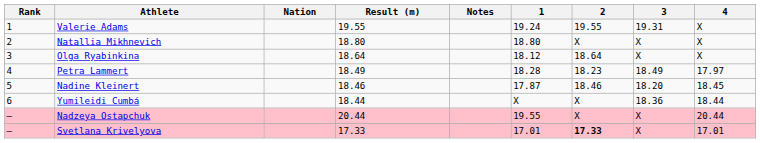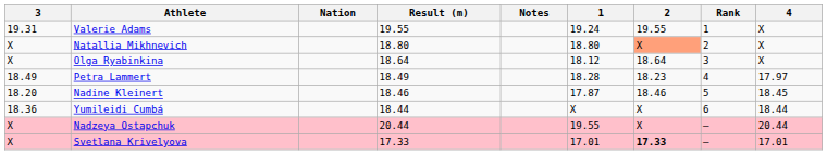 <table class="wikitable" style="text=align:center;" width=85%>
 <tr>
-<th>Rank</th>
+<th>3</th>
 <th>Athlete</th>
 <th>Nation</th>
 <th>Result (m)</th>
 <th>Notes</th>
 <th>1</th>
 <th>2</th>
-<th>3</th>
+<th>Rank</th>
 <th>4</th>
 </tr>
 <tr>
-<td>1</td>
+<td>19.31</td>
 <td><a href='#'>Valerie Adams</a></td>
 <td></td>
 <td>19.55</td>
 <td></td>
 <td>19.24</td>
 <td>19.55</td>
-<td>19.31</td>
+<td>1</td>
 <td>X</td>
 </tr>
 <tr>
-<td>2</td>
+<td>X</td>
 <td><a href='#'>Natallia Mikhnevich</a></td>
 <td></td>
 <td>18.80</td>
 <td></td>
 <td>18.80</td>
-<td>X</td>
-<td>X</td>
+<td style="background: lightsalmon;">X</td>
+<td>2</td>
 <td>X</td>
 </tr>
 <tr>
-<td>3</td>
+<td>X</td>
 <td><a href='#'>Olga Ryabinkina</a></td>
 <td></td>
 <td>18.64</td>
 <td></td>
 <td>18.12</td>
 <td>18.64</td>
-<td>X</td>
+<td>3</td>
 <td>X</td>
 </tr>
 <tr>
-<td>4</td>
+<td>18.49</td>
 <td><a href='#'>Petra Lammert</a></td>
 <td></td>
 <td>18.49</td>
 <td></td>
 <td>18.28</td>
 <td>18.23</td>
-<td>18.49</td>
+<td>4</td>
 <td>17.97</td>
 </tr>
 <tr>
-<td>5</td>
+<td>18.20</td>
 <td><a href='#'>Nadine Kleinert</a></td>
 <td></td>
 <td>18.46</td>
 <td></td>
 <td>17.87</td>
 <td>18.46</td>
-<td>18.20</td>
+<td>5</td>
 <td>18.45</td>
 </tr>
 <tr>
-<td>6</td>
+<td>18.36</td>
 <td><a href='#'>Yumileidi Cumbá</a></td>
 <td></td>
 <td>18.44</td>
 <td></td>
 <td>X</td>
 <td>X</td>
-<td>18.36</td>
+<td>6</td>
 <td>18.44</td>
 </tr>
 <tr bgcolor=pink>
-<td>—</td>
+<td>X</td>
 <td><a href='#'>Nadzeya Ostapchuk</a></td>
 <td></td>
 <td>20.44</td>
 <td></td>
 <td>19.55</td>
 <td>X</td>
-<td>X</td>
+<td>—</td>
 <td>20.44</td>
 </tr>
 <tr bgcolor=pink>
-<td>—</td>
+<td>X</td>
 <td><a href='#'>Svetlana Krivelyova</a></td>
 <td></td>
 <td>17.33</td>
 <td></td>
 <td>17.01</td>
 <td><strong>17.33</strong></td>
-<td>X</td>
+<td>—</td>
 <td>17.01</td>
 </tr>
 </table>
